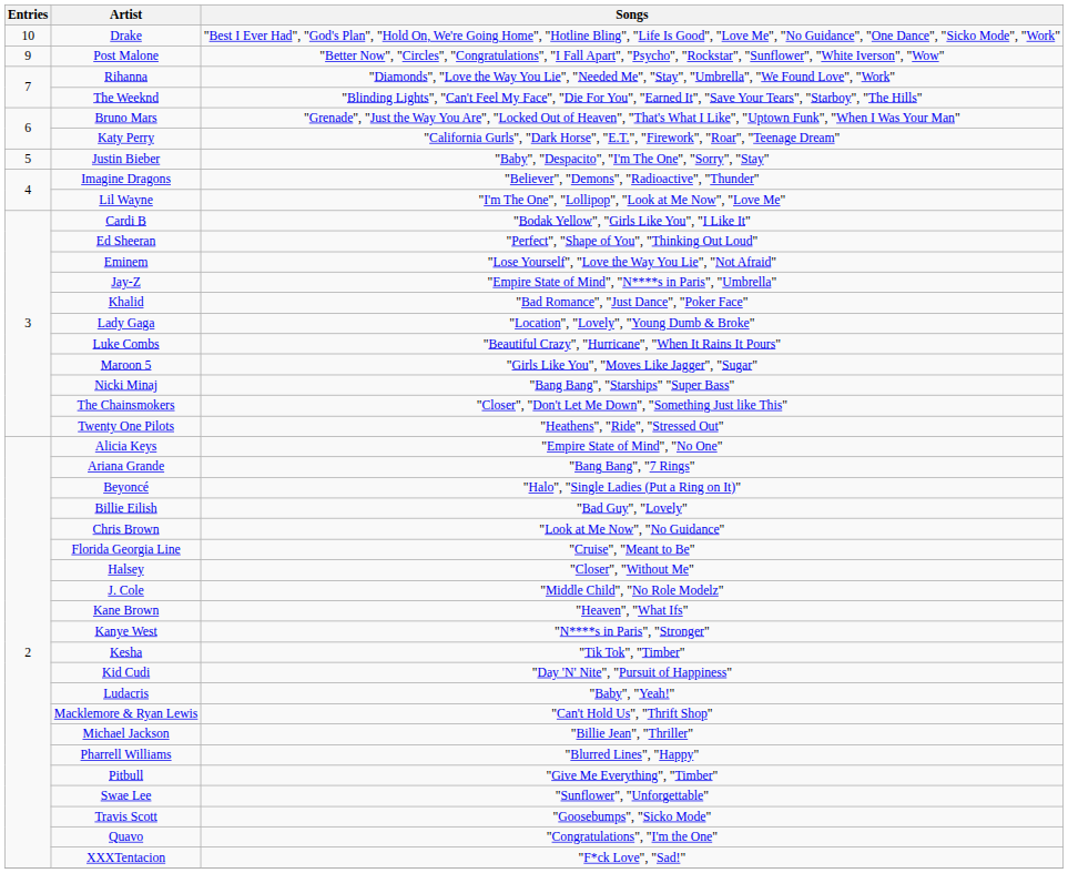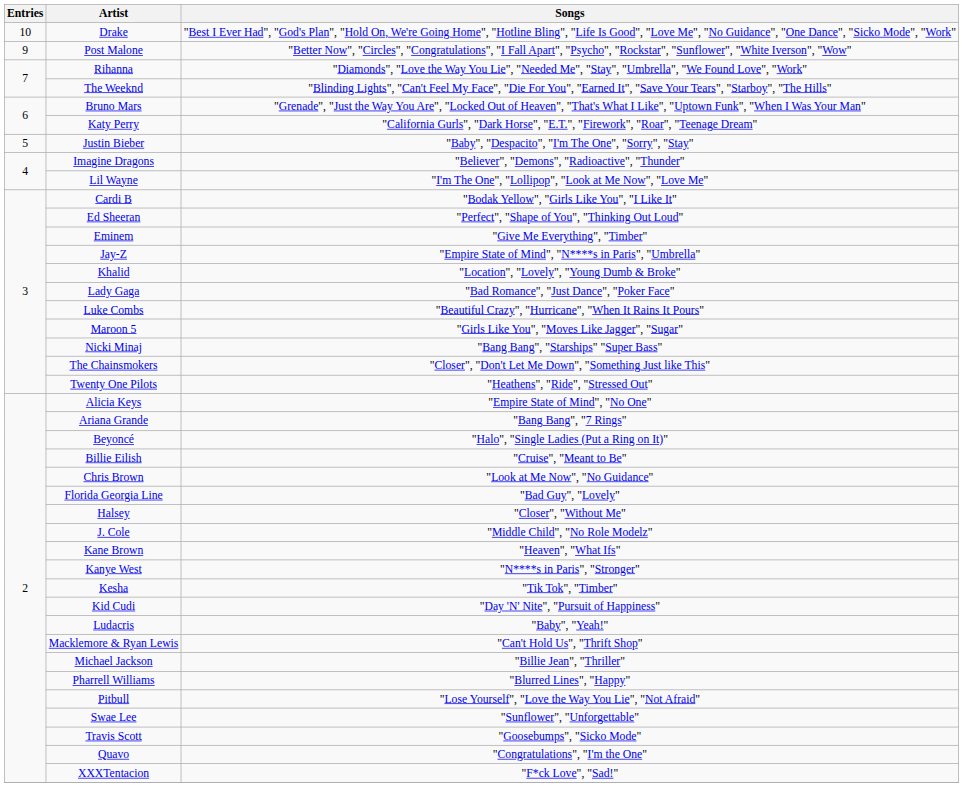 <table class="wikitable sortable" rowspan="2" style="text-align:center">
 <tr>
 <th>Entries</th>
 <th>Artist</th>
 <th>Songs</th>
 </tr>
 <tr>
 <td>10</td>
 <td><a href='#'>Drake</a></td>
 <td>"<a href='#'>Best I Ever Had</a>", "<a href='#'>God's Plan</a>", "<a href='#'>Hold On, We're Going Home</a>", "<a href='#'>Hotline Bling</a>", "<a href='#'>Life Is Good</a>", "<a href='#'>Love Me</a>", "<a href='#'>No Guidance</a>", "<a href='#'>One Dance</a>", "<a href='#'>Sicko Mode</a>", "<a href='#'>Work</a>"</td>
 </tr>
 <tr>
 <td>9</td>
 <td><a href='#'>Post Malone</a></td>
 <td>"<a href='#'>Better Now</a>", "<a href='#'>Circles</a>", "<a href='#'>Congratulations</a>", "<a href='#'>I Fall Apart</a>", "<a href='#'>Psycho</a>", "<a href='#'>Rockstar</a>", "<a href='#'>Sunflower</a>", "<a href='#'>White Iverson</a>", "<a href='#'>Wow</a>"</td>
 </tr>
 <tr>
 <td rowspan="2" style="text-align:center">7</td>
 <td><a href='#'>Rihanna</a></td>
 <td>"<a href='#'>Diamonds</a>", "<a href='#'>Love the Way You Lie</a>", "<a href='#'>Needed Me</a>", "<a href='#'>Stay</a>", "<a href='#'>Umbrella</a>", "<a href='#'>We Found Love</a>", "<a href='#'>Work</a>"</td>
 </tr>
 <tr>
 <td><a href='#'>The Weeknd</a></td>
 <td>"<a href='#'>Blinding Lights</a>", "<a href='#'>Can't Feel My Face</a>", "<a href='#'>Die For You</a>", "<a href='#'>Earned It</a>", "<a href='#'>Save Your Tears</a>", "<a href='#'>Starboy</a>", "<a href='#'>The Hills</a>"</td>
 </tr>
 <tr>
 <td rowspan="2" style="text-align:center">6</td>
 <td><a href='#'>Bruno Mars</a></td>
 <td>"<a href='#'>Grenade</a>", "<a href='#'>Just the Way You Are</a>", "<a href='#'>Locked Out of Heaven</a>", "<a href='#'>That's What I Like</a>", "<a href='#'>Uptown Funk</a>", "<a href='#'>When I Was Your Man</a>"</td>
 </tr>
 <tr>
 <td><a href='#'>Katy Perry</a></td>
 <td>"<a href='#'>California Gurls</a>", "<a href='#'>Dark Horse</a>", "<a href='#'>E.T.</a>", "<a href='#'>Firework</a>", "<a href='#'>Roar</a>", "<a href='#'>Teenage Dream</a>"</td>
 </tr>
 <tr>
 <td>5</td>
 <td><a href='#'>Justin Bieber</a></td>
 <td>"<a href='#'>Baby</a>", "<a href='#'>Despacito</a>", "<a href='#'>I'm The One</a>", "<a href='#'>Sorry</a>", "<a href='#'>Stay</a>"</td>
 </tr>
 <tr>
 <td rowspan="2" style="text-align:center">4</td>
 <td><a href='#'>Imagine Dragons</a></td>
 <td>"<a href='#'>Believer</a>", "<a href='#'>Demons</a>", "<a href='#'>Radioactive</a>", "<a href='#'>Thunder</a>"</td>
 </tr>
 <tr>
 <td><a href='#'>Lil Wayne</a></td>
 <td>"<a href='#'>I'm The One</a>", "<a href='#'>Lollipop</a>", "<a href='#'>Look at Me Now</a>", "<a href='#'>Love Me</a>"</td>
 </tr>
 <tr>
 <td rowspan="11" style="text-align:center">3</td>
 <td><a href='#'>Cardi B</a></td>
 <td>"<a href='#'>Bodak Yellow</a>", "<a href='#'>Girls Like You</a>", "<a href='#'>I Like It</a>"</td>
 </tr>
 <tr>
 <td><a href='#'>Ed Sheeran</a></td>
 <td>"<a href='#'>Perfect</a>", "<a href='#'>Shape of You</a>", "<a href='#'>Thinking Out Loud</a>"</td>
 </tr>
 <tr>
 <td><a href='#'>Eminem</a></td>
-<td>"<a href='#'>Lose Yourself</a>", "<a href='#'>Love the Way You Lie</a>", "<a href='#'>Not Afraid</a>"</td>
+<td>"<a href='#'>Give Me Everything</a>", "<a href='#'>Timber</a>"</td>
 </tr>
 <tr>
 <td><a href='#'>Jay-Z</a></td>
 <td>"<a href='#'>Empire State of Mind</a>", "<a href='#'>N****s in Paris</a>", "<a href='#'>Umbrella</a>"</td>
 </tr>
 <tr>
 <td><a href='#'>Khalid</a></td>
-<td>"<a href='#'>Bad Romance</a>", "<a href='#'>Just Dance</a>", "<a href='#'>Poker Face</a>"</td>
+<td>"<a href='#'>Location</a>", "<a href='#'>Lovely</a>", "<a href='#'>Young Dumb & Broke</a>"</td>
 </tr>
 <tr>
 <td><a href='#'>Lady Gaga</a></td>
-<td>"<a href='#'>Location</a>", "<a href='#'>Lovely</a>", "<a href='#'>Young Dumb & Broke</a>"</td>
+<td>"<a href='#'>Bad Romance</a>", "<a href='#'>Just Dance</a>", "<a href='#'>Poker Face</a>"</td>
 </tr>
 <tr>
 <td><a href='#'>Luke Combs</a></td>
 <td>"<a href='#'>Beautiful Crazy</a>", "<a href='#'>Hurricane</a>", "<a href='#'>When It Rains It Pours</a>"</td>
 </tr>
 <tr>
 <td><a href='#'>Maroon 5</a></td>
 <td>"<a href='#'>Girls Like You</a>", "<a href='#'>Moves Like Jagger</a>", "<a href='#'>Sugar</a>"</td>
 </tr>
 <tr>
 <td><a href='#'>Nicki Minaj</a></td>
 <td>"<a href='#'>Bang Bang</a>", "<a href='#'>Starships</a>" "<a href='#'>Super Bass</a>"</td>
 </tr>
 <tr>
 <td><a href='#'>The Chainsmokers</a></td>
 <td>"<a href='#'>Closer</a>", "<a href='#'>Don't Let Me Down</a>", "<a href='#'>Something Just like This</a>"</td>
 </tr>
 <tr>
 <td><a href='#'>Twenty One Pilots</a></td>
 <td>"<a href='#'>Heathens</a>", "<a href='#'>Ride</a>", "<a href='#'>Stressed Out</a>"</td>
 </tr>
 <tr>
 <td rowspan="21" style="text-align:center">2</td>
 <td><a href='#'>Alicia Keys</a></td>
 <td>"<a href='#'>Empire State of Mind</a>", "<a href='#'>No One</a>"</td>
 </tr>
 <tr>
 <td><a href='#'>Ariana Grande</a></td>
 <td>"<a href='#'>Bang Bang</a>", "<a href='#'>7 Rings</a>"</td>
 </tr>
 <tr>
 <td><a href='#'>Beyoncé</a></td>
 <td>"<a href='#'>Halo</a>", "<a href='#'>Single Ladies (Put a Ring on It)</a>"</td>
 </tr>
 <tr>
 <td><a href='#'>Billie Eilish</a></td>
-<td>"<a href='#'>Bad Guy</a>", "<a href='#'>Lovely</a>"</td>
+<td>"<a href='#'>Cruise</a>", "<a href='#'>Meant to Be</a>"</td>
 </tr>
 <tr>
 <td><a href='#'>Chris Brown</a></td>
 <td>"<a href='#'>Look at Me Now</a>", "<a href='#'>No Guidance</a>"</td>
 </tr>
 <tr>
 <td><a href='#'>Florida Georgia Line</a></td>
-<td>"<a href='#'>Cruise</a>", "<a href='#'>Meant to Be</a>"</td>
+<td>"<a href='#'>Bad Guy</a>", "<a href='#'>Lovely</a>"</td>
 </tr>
 <tr>
 <td><a href='#'>Halsey</a></td>
 <td>"<a href='#'>Closer</a>", "<a href='#'>Without Me</a>"</td>
 </tr>
 <tr>
 <td><a href='#'>J. Cole</a></td>
 <td>"<a href='#'>Middle Child</a>", "<a href='#'>No Role Modelz</a>"</td>
 </tr>
 <tr>
 <td><a href='#'>Kane Brown</a></td>
 <td>"<a href='#'>Heaven</a>", "<a href='#'>What Ifs</a>"</td>
 </tr>
 <tr>
 <td><a href='#'>Kanye West</a></td>
 <td>"<a href='#'>N****s in Paris</a>", "<a href='#'>Stronger</a>"</td>
 </tr>
 <tr>
 <td><a href='#'>Kesha</a></td>
 <td>"<a href='#'>Tik Tok</a>", "<a href='#'>Timber</a>"</td>
 </tr>
 <tr>
 <td><a href='#'>Kid Cudi</a></td>
 <td>"<a href='#'>Day 'N' Nite</a>", "<a href='#'>Pursuit of Happiness</a>"</td>
 </tr>
 <tr>
 <td><a href='#'>Ludacris</a></td>
 <td>"<a href='#'>Baby</a>", "<a href='#'>Yeah!</a>"</td>
 </tr>
 <tr>
 <td><a href='#'>Macklemore & Ryan Lewis</a></td>
 <td>"<a href='#'>Can't Hold Us</a>", "<a href='#'>Thrift Shop</a>"</td>
 </tr>
 <tr>
 <td><a href='#'>Michael Jackson</a></td>
 <td>"<a href='#'>Billie Jean</a>", "<a href='#'>Thriller</a>"</td>
 </tr>
 <tr>
 <td><a href='#'>Pharrell Williams</a></td>
 <td>"<a href='#'>Blurred Lines</a>", "<a href='#'>Happy</a>"</td>
 </tr>
 <tr>
 <td><a href='#'>Pitbull</a></td>
-<td>"<a href='#'>Give Me Everything</a>", "<a href='#'>Timber</a>"</td>
+<td>"<a href='#'>Lose Yourself</a>", "<a href='#'>Love the Way You Lie</a>", "<a href='#'>Not Afraid</a>"</td>
 </tr>
 <tr>
 <td><a href='#'>Swae Lee</a></td>
 <td>"<a href='#'>Sunflower</a>", "<a href='#'>Unforgettable</a>"</td>
 </tr>
 <tr>
 <td><a href='#'>Travis Scott</a></td>
 <td>"<a href='#'>Goosebumps</a>", "<a href='#'>Sicko Mode</a>"</td>
 </tr>
 <tr>
 <td><a href='#'>Quavo</a></td>
 <td>"<a href='#'>Congratulations</a>", "<a href='#'>I'm the One</a>"</td>
 </tr>
 <tr>
 <td><a href='#'>XXXTentacion</a></td>
 <td>"<a href='#'>F*ck Love</a>", "<a href='#'>Sad!</a>"</td>
 </tr>
 <tr>
 </tr>
 </table>
